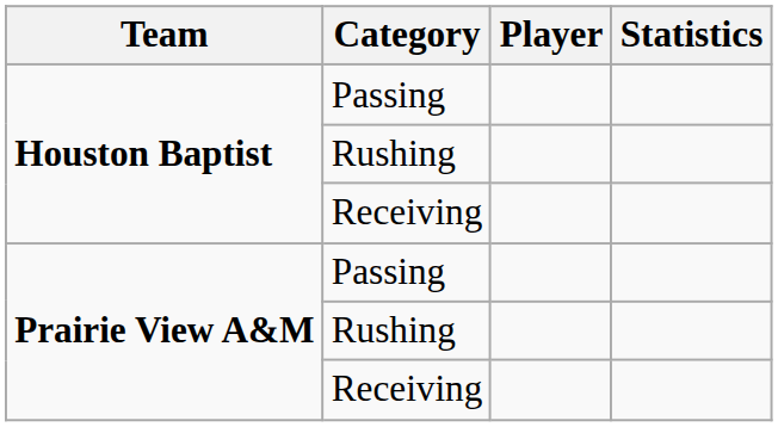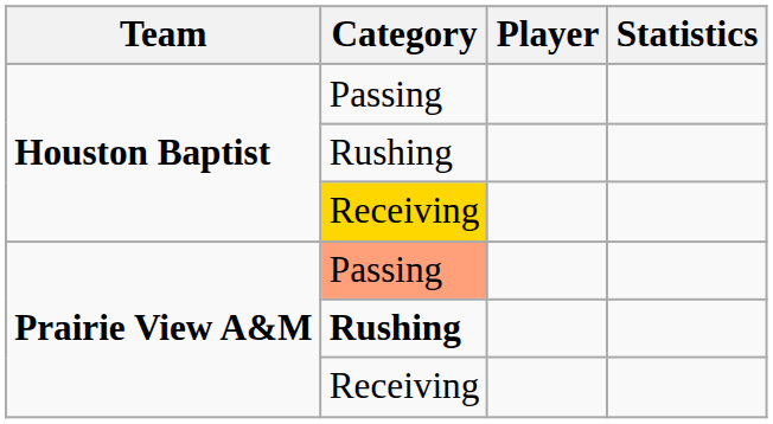 <table class="wikitable" style="float: left;">
 <tr>
 <th>Team</th>
 <th>Category</th>
 <th>Player</th>
 <th>Statistics</th>
 </tr>
 <tr>
 <td rowspan=3><strong>Houston Baptist</strong></td>
 <td>Passing</td>
 <td> </td>
 <td> </td>
 </tr>
 <tr>
 <td>Rushing</td>
 <td> </td>
 <td> </td>
 </tr>
 <tr>
-<td>Receiving</td>
+<td style="background: gold;">Receiving</td>
 <td> </td>
 <td> </td>
 </tr>
 <tr>
 <td rowspan=3><strong>Prairie View A&M</strong></td>
-<td>Passing</td>
+<td style="background: lightsalmon;">Passing</td>
 <td> </td>
 <td> </td>
 </tr>
 <tr>
-<td>Rushing</td>
+<td><strong>Rushing</strong></td>
 <td> </td>
 <td> </td>
 </tr>
 <tr>
 <td>Receiving</td>
 <td> </td>
 <td> </td>
 </tr>
 </table>
